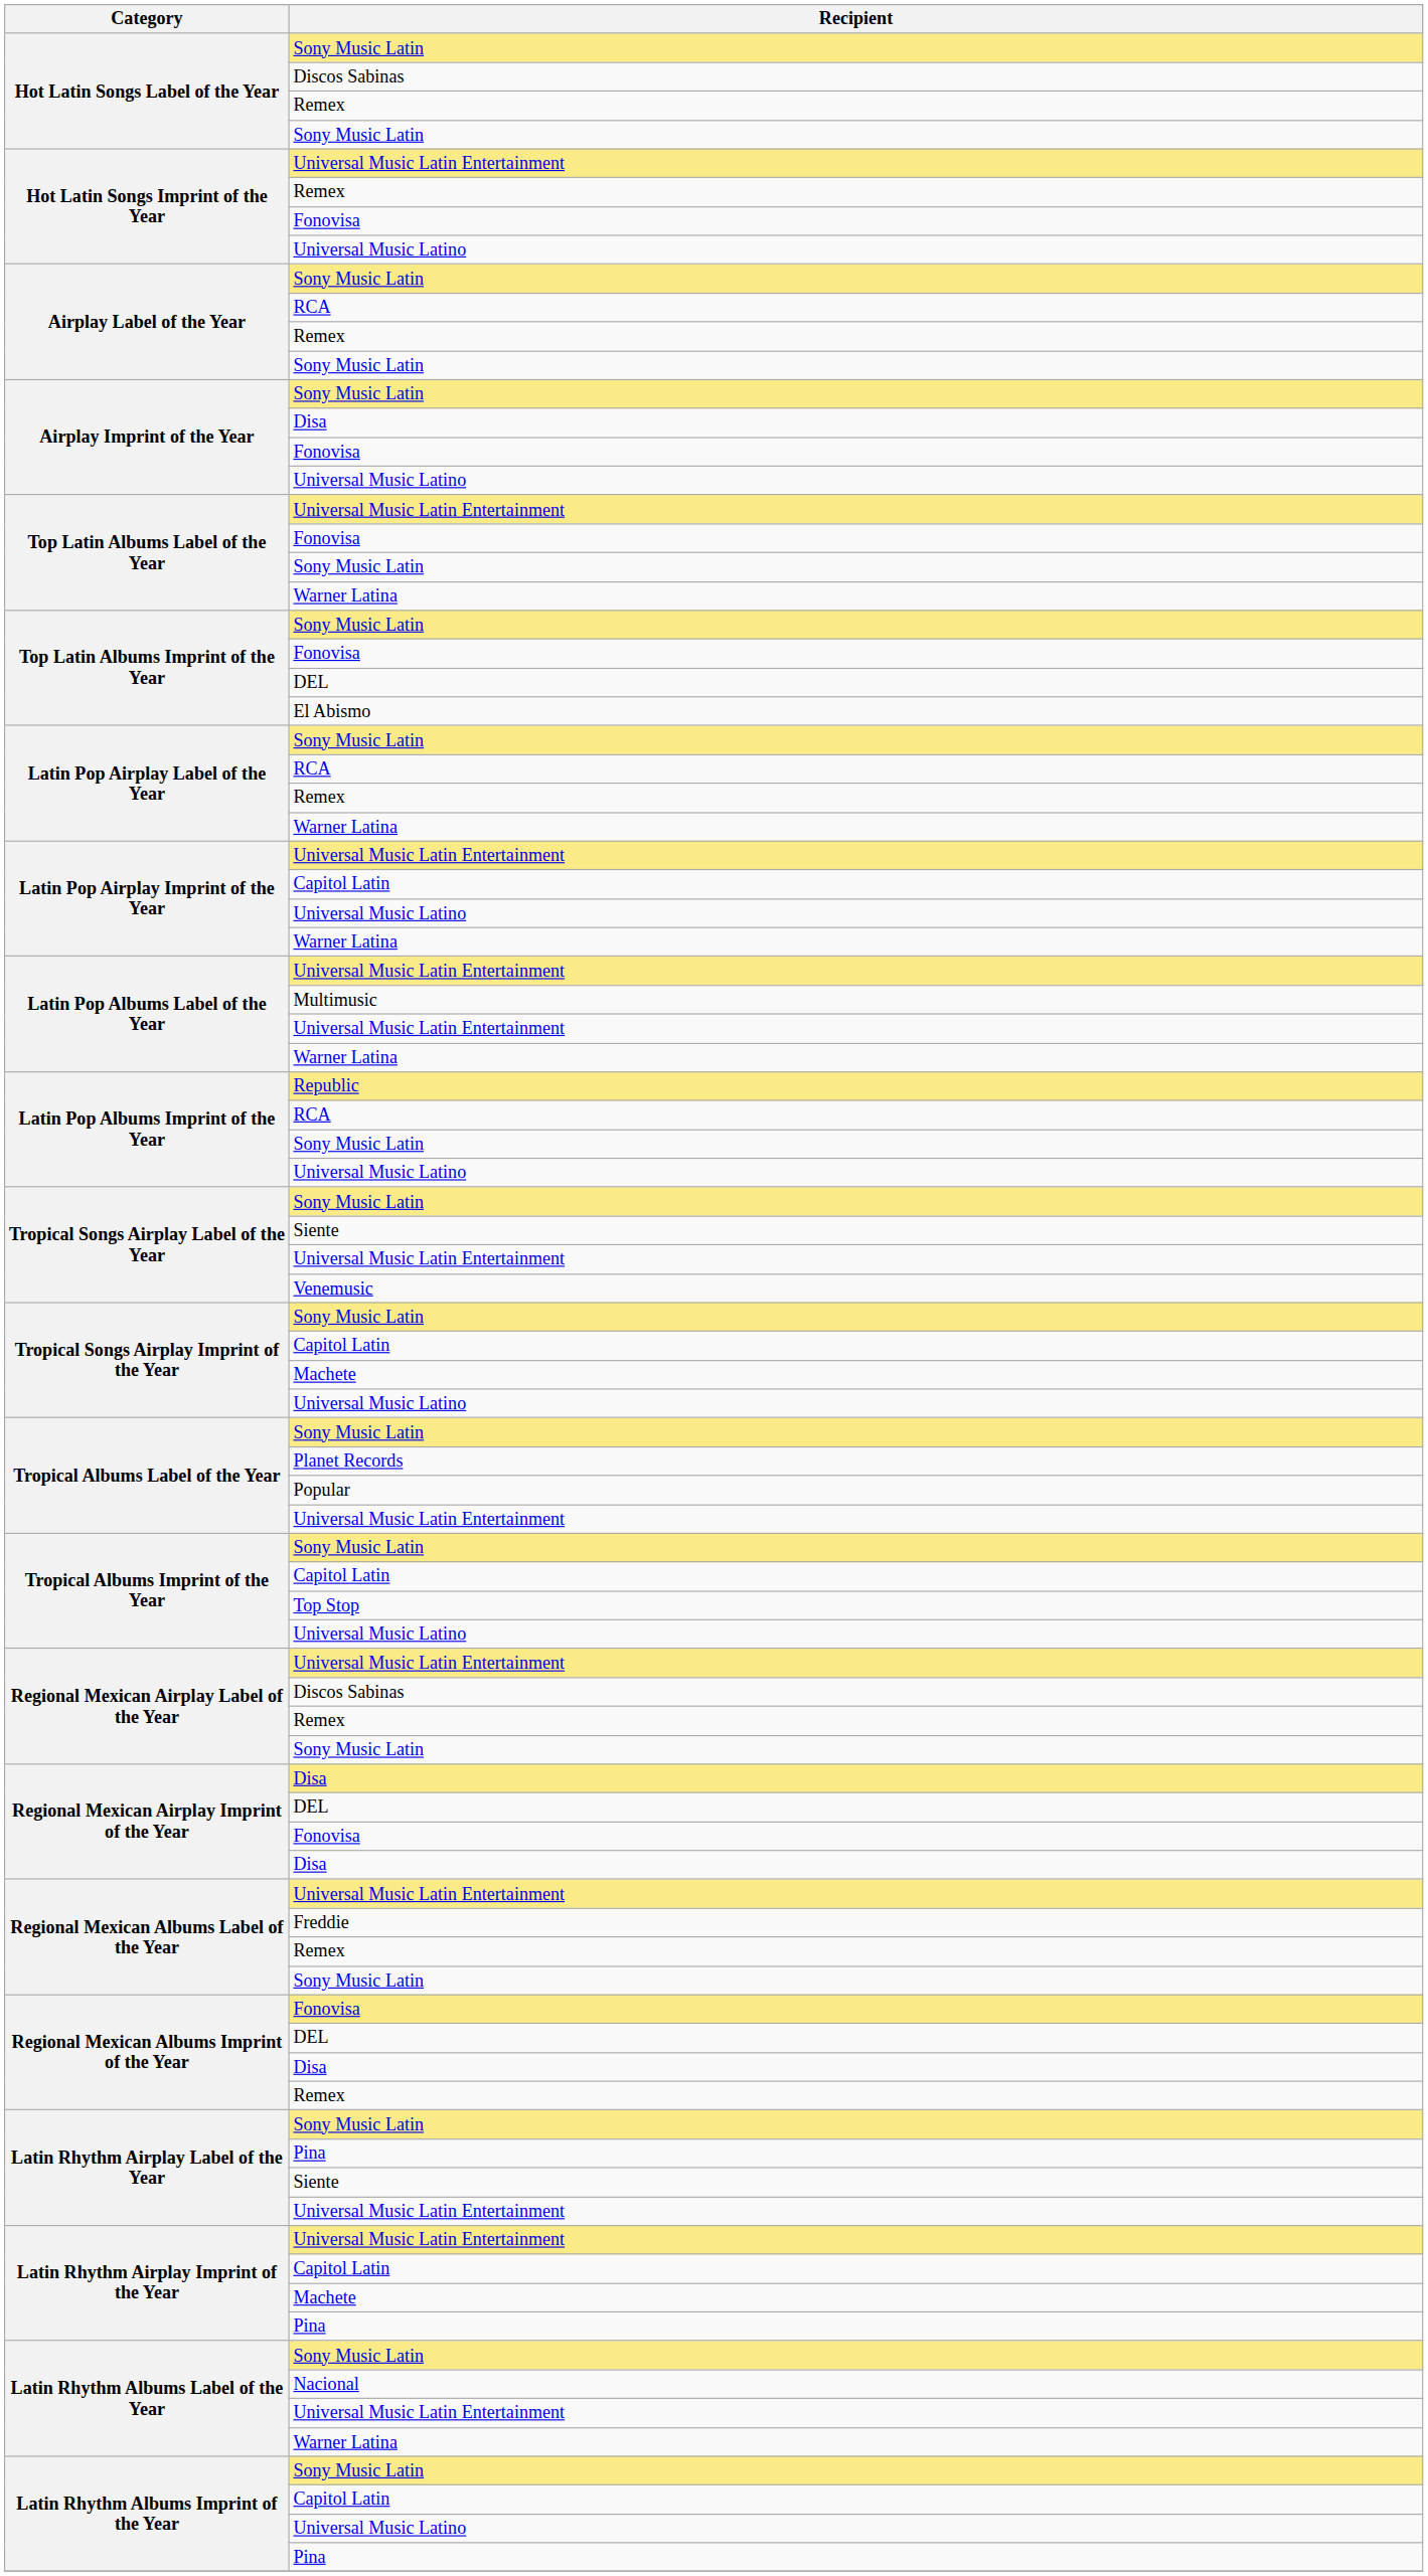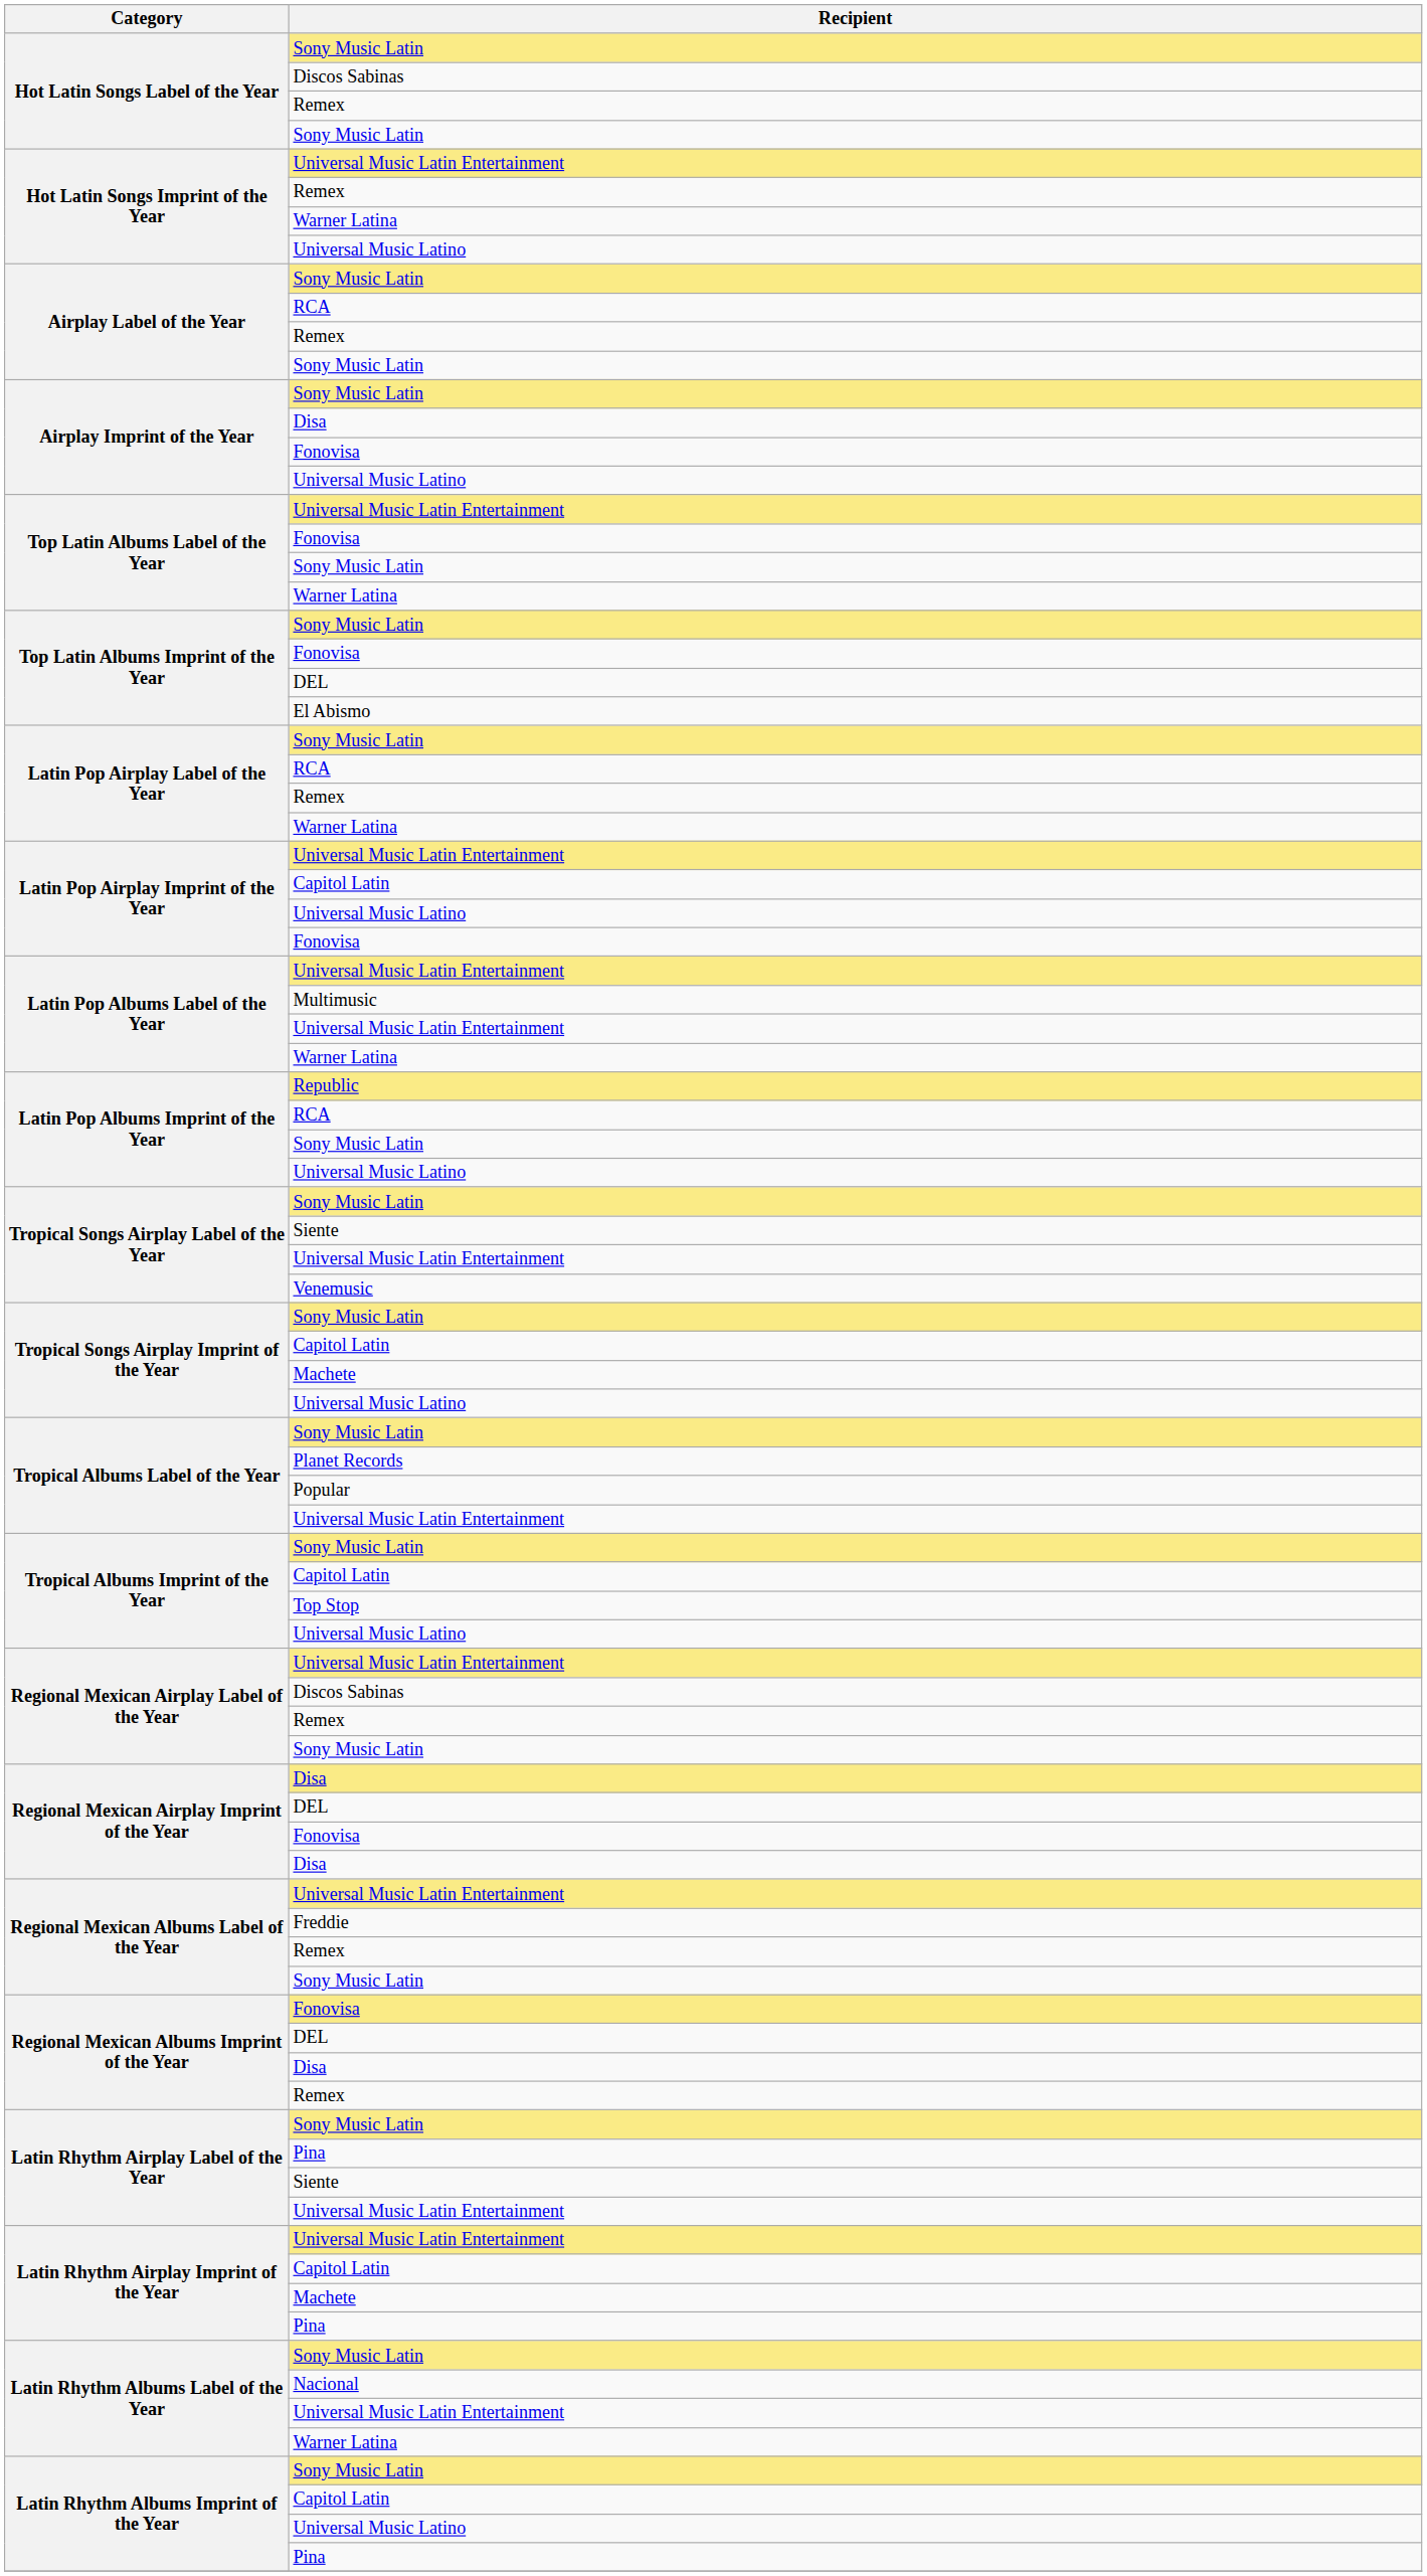 <table class="wikitable sortable">
 <tr style="background:#bebebe;">
 <th scope="col" style="width:1%;">Category</th>
 <th scope="col" style="width:5%;">Recipient</th>
 </tr>
 <tr>
 <th scope="row" rowspan=4 style="text-align:center">Hot Latin Songs Label of the Year</th>
 <td style="background:#FAEB86"><a href='#'>Sony Music Latin</a></td>
 </tr>
 <tr>
 <td>Discos Sabinas</td>
 </tr>
 <tr>
 <td>Remex</td>
 </tr>
 <tr>
 <td><a href='#'>Sony Music Latin</a></td>
 </tr>
 <tr>
 <th scope="row" rowspan=4 style="text-align:center">Hot Latin Songs Imprint of the Year</th>
 <td style="background:#FAEB86"><a href='#'>Universal Music Latin Entertainment</a></td>
 </tr>
 <tr>
 <td>Remex</td>
 </tr>
 <tr>
-<td><a href='#'>Fonovisa</a></td>
+<td><a href='#'>Warner Latina</a></td>
 </tr>
 <tr>
 <td><a href='#'>Universal Music Latino</a></td>
 </tr>
 <tr>
 <th scope="row" rowspan=4 style="text-align:center">Airplay Label of the Year</th>
 <td style="background:#FAEB86"><a href='#'>Sony Music Latin</a></td>
 </tr>
 <tr>
 <td><a href='#'>RCA</a></td>
 </tr>
 <tr>
 <td>Remex</td>
 </tr>
 <tr>
 <td><a href='#'>Sony Music Latin</a></td>
 </tr>
 <tr>
 <th scope="row" rowspan=4 style="text-align:center">Airplay Imprint of the Year</th>
 <td style="background:#FAEB86"><a href='#'>Sony Music Latin</a></td>
 </tr>
 <tr>
 <td><a href='#'>Disa</a></td>
 </tr>
 <tr>
 <td><a href='#'>Fonovisa</a></td>
 </tr>
 <tr>
 <td><a href='#'>Universal Music Latino</a></td>
 </tr>
 <tr>
 <th scope="row" rowspan=4 style="text-align:center">Top Latin Albums Label of the Year</th>
 <td style="background:#FAEB86"><a href='#'>Universal Music Latin Entertainment</a></td>
 </tr>
 <tr>
 <td><a href='#'>Fonovisa</a></td>
 </tr>
 <tr>
 <td><a href='#'>Sony Music Latin</a></td>
 </tr>
 <tr>
 <td><a href='#'>Warner Latina</a></td>
 </tr>
 <tr>
 <th scope="row" rowspan=4 style="text-align:center">Top Latin Albums Imprint of the Year</th>
 <td style="background:#FAEB86"><a href='#'>Sony Music Latin</a></td>
 </tr>
 <tr>
 <td><a href='#'>Fonovisa</a></td>
 </tr>
 <tr>
 <td>DEL</td>
 </tr>
 <tr>
 <td>El Abismo</td>
 </tr>
 <tr>
 <th scope="row" rowspan=4 style="text-align:center">Latin Pop Airplay Label of the Year</th>
 <td style="background:#FAEB86"><a href='#'>Sony Music Latin</a></td>
 </tr>
 <tr>
 <td><a href='#'>RCA</a></td>
 </tr>
 <tr>
 <td>Remex</td>
 </tr>
 <tr>
 <td><a href='#'>Warner Latina</a></td>
 </tr>
 <tr>
 <th scope="row" rowspan=4 style="text-align:center">Latin Pop Airplay Imprint of the Year</th>
 <td style="background:#FAEB86"><a href='#'>Universal Music Latin Entertainment</a></td>
 </tr>
 <tr>
 <td><a href='#'>Capitol Latin</a></td>
 </tr>
 <tr>
 <td><a href='#'>Universal Music Latino</a></td>
 </tr>
 <tr>
-<td><a href='#'>Warner Latina</a></td>
+<td><a href='#'>Fonovisa</a></td>
 </tr>
 <tr>
 <th scope="row" rowspan=4 style="text-align:center">Latin Pop Albums Label of the Year</th>
 <td style="background:#FAEB86"><a href='#'>Universal Music Latin Entertainment</a></td>
 </tr>
 <tr>
 <td>Multimusic</td>
 </tr>
 <tr>
 <td><a href='#'>Universal Music Latin Entertainment</a></td>
 </tr>
 <tr>
 <td><a href='#'>Warner Latina</a></td>
 </tr>
 <tr>
 <th scope="row" rowspan=4 style="text-align:center">Latin Pop Albums Imprint of the Year</th>
 <td style="background:#FAEB86"><a href='#'>Republic</a></td>
 </tr>
 <tr>
 <td><a href='#'>RCA</a></td>
 </tr>
 <tr>
 <td><a href='#'>Sony Music Latin</a></td>
 </tr>
 <tr>
 <td><a href='#'>Universal Music Latino</a></td>
 </tr>
 <tr>
 <th scope="row" rowspan=4 style="text-align:center">Tropical Songs Airplay Label of the Year</th>
 <td style="background:#FAEB86"><a href='#'>Sony Music Latin</a></td>
 </tr>
 <tr>
 <td>Siente</td>
 </tr>
 <tr>
 <td><a href='#'>Universal Music Latin Entertainment</a></td>
 </tr>
 <tr>
 <td><a href='#'>Venemusic</a></td>
 </tr>
 <tr>
 <th scope="row" rowspan=4 style="text-align:center">Tropical Songs Airplay Imprint of the Year</th>
 <td style="background:#FAEB86"><a href='#'>Sony Music Latin</a></td>
 </tr>
 <tr>
 <td><a href='#'>Capitol Latin</a></td>
 </tr>
 <tr>
 <td><a href='#'>Machete</a></td>
 </tr>
 <tr>
 <td><a href='#'>Universal Music Latino</a></td>
 </tr>
 <tr>
 <th scope="row" rowspan=4 style="text-align:center">Tropical Albums Label of the Year</th>
 <td style="background:#FAEB86"><a href='#'>Sony Music Latin</a></td>
 </tr>
 <tr>
 <td><a href='#'>Planet Records</a></td>
 </tr>
 <tr>
 <td>Popular</td>
 </tr>
 <tr>
 <td><a href='#'>Universal Music Latin Entertainment</a></td>
 </tr>
 <tr>
 <th scope="row" rowspan=4 style="text-align:center">Tropical Albums Imprint of the Year</th>
 <td style="background:#FAEB86"><a href='#'>Sony Music Latin</a></td>
 </tr>
 <tr>
 <td><a href='#'>Capitol Latin</a></td>
 </tr>
 <tr>
 <td><a href='#'>Top Stop</a></td>
 </tr>
 <tr>
 <td><a href='#'>Universal Music Latino</a></td>
 </tr>
 <tr>
 <th scope="row" rowspan=4 style="text-align:center">Regional Mexican Airplay Label of the Year</th>
 <td style="background:#FAEB86"><a href='#'>Universal Music Latin Entertainment</a></td>
 </tr>
 <tr>
 <td>Discos Sabinas</td>
 </tr>
 <tr>
 <td>Remex</td>
 </tr>
 <tr>
 <td><a href='#'>Sony Music Latin</a></td>
 </tr>
 <tr>
 <th scope="row" rowspan=4 style="text-align:center">Regional Mexican Airplay Imprint of the Year</th>
 <td style="background:#FAEB86"><a href='#'>Disa</a></td>
 </tr>
 <tr>
 <td>DEL</td>
 </tr>
 <tr>
 <td><a href='#'>Fonovisa</a></td>
 </tr>
 <tr>
 <td><a href='#'>Disa</a></td>
 </tr>
 <tr>
 <th scope="row" rowspan=4 style="text-align:center">Regional Mexican Albums Label of the Year</th>
 <td style="background:#FAEB86"><a href='#'>Universal Music Latin Entertainment</a></td>
 </tr>
 <tr>
 <td>Freddie</td>
 </tr>
 <tr>
 <td>Remex</td>
 </tr>
 <tr>
 <td><a href='#'>Sony Music Latin</a></td>
 </tr>
 <tr>
 <th scope="row" rowspan=4 style="text-align:center">Regional Mexican Albums Imprint of the Year</th>
 <td style="background:#FAEB86"><a href='#'>Fonovisa</a></td>
 </tr>
 <tr>
 <td>DEL</td>
 </tr>
 <tr>
 <td><a href='#'>Disa</a></td>
 </tr>
 <tr>
 <td>Remex</td>
 </tr>
 <tr>
 <th scope="row" rowspan=4 style="text-align:center">Latin Rhythm Airplay Label of the Year</th>
 <td style="background:#FAEB86"><a href='#'>Sony Music Latin</a></td>
 </tr>
 <tr>
 <td><a href='#'>Pina</a></td>
 </tr>
 <tr>
 <td>Siente</td>
 </tr>
 <tr>
 <td><a href='#'>Universal Music Latin Entertainment</a></td>
 </tr>
 <tr>
 <th scope="row" rowspan=4 style="text-align:center">Latin Rhythm Airplay Imprint of the Year</th>
 <td style="background:#FAEB86"><a href='#'>Universal Music Latin Entertainment</a></td>
 </tr>
 <tr>
 <td><a href='#'>Capitol Latin</a></td>
 </tr>
 <tr>
 <td><a href='#'>Machete</a></td>
 </tr>
 <tr>
 <td><a href='#'>Pina</a></td>
 </tr>
 <tr>
 <th scope="row" rowspan=4 style="text-align:center">Latin Rhythm Albums Label of the Year</th>
 <td style="background:#FAEB86"><a href='#'>Sony Music Latin</a></td>
 </tr>
 <tr>
 <td><a href='#'>Nacional</a></td>
 </tr>
 <tr>
 <td><a href='#'>Universal Music Latin Entertainment</a></td>
 </tr>
 <tr>
 <td><a href='#'>Warner Latina</a></td>
 </tr>
 <tr>
 <th scope="row" rowspan=4 style="text-align:center">Latin Rhythm Albums Imprint of the Year</th>
 <td style="background:#FAEB86"><a href='#'>Sony Music Latin</a></td>
 </tr>
 <tr>
 <td><a href='#'>Capitol Latin</a></td>
 </tr>
 <tr>
 <td><a href='#'>Universal Music Latino</a></td>
 </tr>
 <tr>
 <td><a href='#'>Pina</a></td>
 </tr>
 <tr>
 </tr>
 </table>
